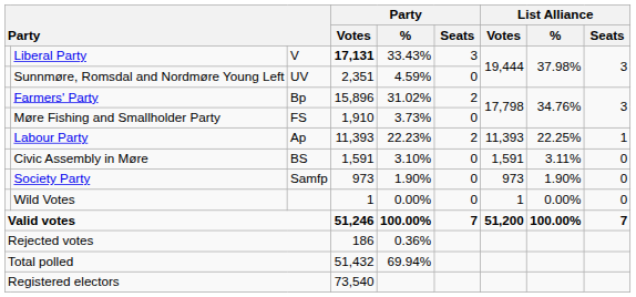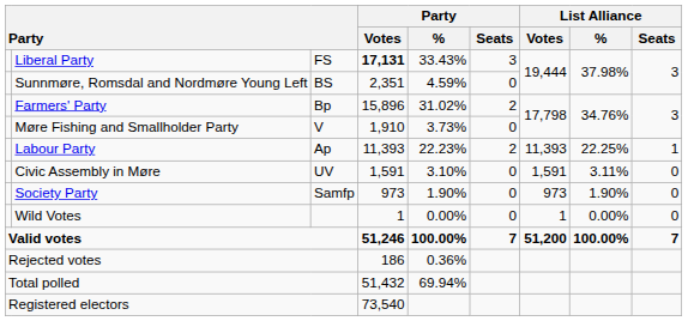 <table class="wikitable" border="1" style="text-align:right;">
 <tr>
 <th style="text-align:left;" valign=bottom rowspan=2 colspan=3>Party</th>
 <th colspan=3>Party</th>
 <th colspan=3>List Alliance</th>
 </tr>
 <tr>
 <th align=center valign=bottom width="50">Votes</th>
 <th align=center valign=bottom width="50">%</th>
 <th align=center valign=bottom width="50">Seats</th>
 <th align=center valign=bottom width="50">Votes</th>
 <th align=center valign=bottom width="50">%</th>
 <th align=center valign=bottom width="50">Seats</th>
 </tr>
 <tr>
 <td style="color:inherit;background:"></td>
 <td align=left><a href='#'>Liberal Party</a></td>
-<td align=left>V</td>
+<td align=left>FS</td>
 <td><strong>17,131</strong></td>
 <td>33.43%</td>
 <td>3</td>
 <td rowspan=2>19,444</td>
 <td rowspan=2>37.98%</td>
 <td rowspan=2>3</td>
 </tr>
 <tr>
 <td></td>
 <td align=left>Sunnmøre, Romsdal and Nordmøre Young Left</td>
-<td align=left>UV</td>
+<td align=left>BS</td>
 <td>2,351</td>
 <td>4.59%</td>
 <td>0</td>
 </tr>
 <tr>
 <td style="color:inherit;background:"></td>
 <td align=left><a href='#'>Farmers' Party</a></td>
 <td align=left>Bp</td>
 <td>15,896</td>
 <td>31.02%</td>
 <td>2</td>
 <td rowspan=2>17,798</td>
 <td rowspan=2>34.76%</td>
 <td rowspan=2>3</td>
 </tr>
 <tr>
 <td></td>
 <td align=left>Møre Fishing and Smallholder Party</td>
-<td align=left>FS</td>
+<td align=left>V</td>
 <td>1,910</td>
 <td>3.73%</td>
 <td>0</td>
 </tr>
 <tr>
 <td style="color:inherit;background:"></td>
 <td align=left><a href='#'>Labour Party</a></td>
 <td align=left>Ap</td>
 <td>11,393</td>
 <td>22.23%</td>
 <td>2</td>
 <td>11,393</td>
 <td>22.25%</td>
 <td>1</td>
 </tr>
 <tr>
 <td></td>
 <td align=left>Civic Assembly in Møre</td>
-<td align=left>BS</td>
+<td align=left>UV</td>
 <td>1,591</td>
 <td>3.10%</td>
 <td>0</td>
 <td>1,591</td>
 <td>3.11%</td>
 <td>0</td>
 </tr>
 <tr>
 <td></td>
 <td align=left><a href='#'>Society Party</a></td>
 <td align=left>Samfp</td>
 <td>973</td>
 <td>1.90%</td>
 <td>0</td>
 <td>973</td>
 <td>1.90%</td>
 <td>0</td>
 </tr>
 <tr>
 <td></td>
 <td align=left>Wild Votes</td>
 <td align=left></td>
 <td>1</td>
 <td>0.00%</td>
 <td>0</td>
 <td>1</td>
 <td>0.00%</td>
 <td>0</td>
 </tr>
 <tr style="font-weight:bold">
 <td align=left colspan=3>Valid votes</td>
 <td>51,246</td>
 <td>100.00%</td>
 <td>7</td>
 <td>51,200</td>
 <td>100.00%</td>
 <td>7</td>
 </tr>
 <tr>
 <td align=left colspan=3>Rejected votes</td>
 <td>186</td>
 <td>0.36%</td>
 <td></td>
 <td></td>
 <td></td>
 <td></td>
 </tr>
 <tr>
 <td align=left colspan=3>Total polled</td>
 <td>51,432</td>
 <td>69.94%</td>
 <td></td>
 <td></td>
 <td></td>
 <td></td>
 </tr>
 <tr>
 <td align=left colspan=3>Registered electors</td>
 <td>73,540</td>
 <td></td>
 <td></td>
 <td></td>
 <td></td>
 <td></td>
 </tr>
 </table>
